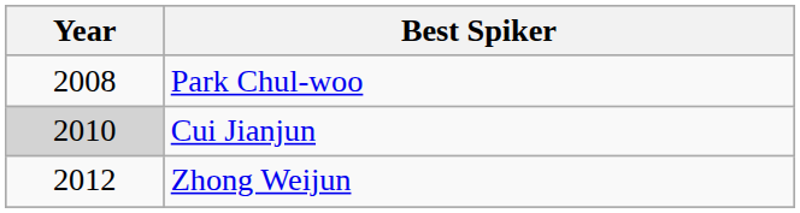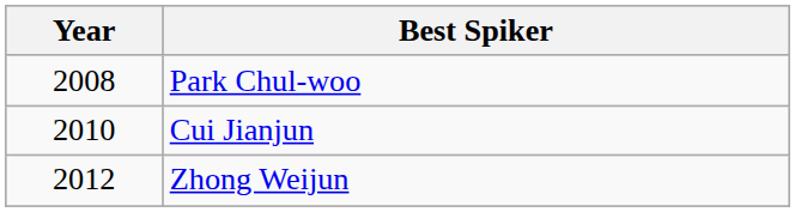 <table class="wikitable" style="width: 400px;">
 <tr>
 <th style="width: 20%;">Year</th>
 <th style="width: 80%;">Best Spiker</th>
 </tr>
 <tr>
 <td align=center>2008</td>
 <td> <a href='#'>Park Chul-woo</a></td>
 </tr>
 <tr>
-<td align=center style="background: lightgrey;">2010</td>
+<td align=center>2010</td>
 <td> <a href='#'>Cui Jianjun</a></td>
 </tr>
 <tr>
 <td align=center>2012</td>
 <td> <a href='#'>Zhong Weijun</a></td>
 </tr>
 </table>
